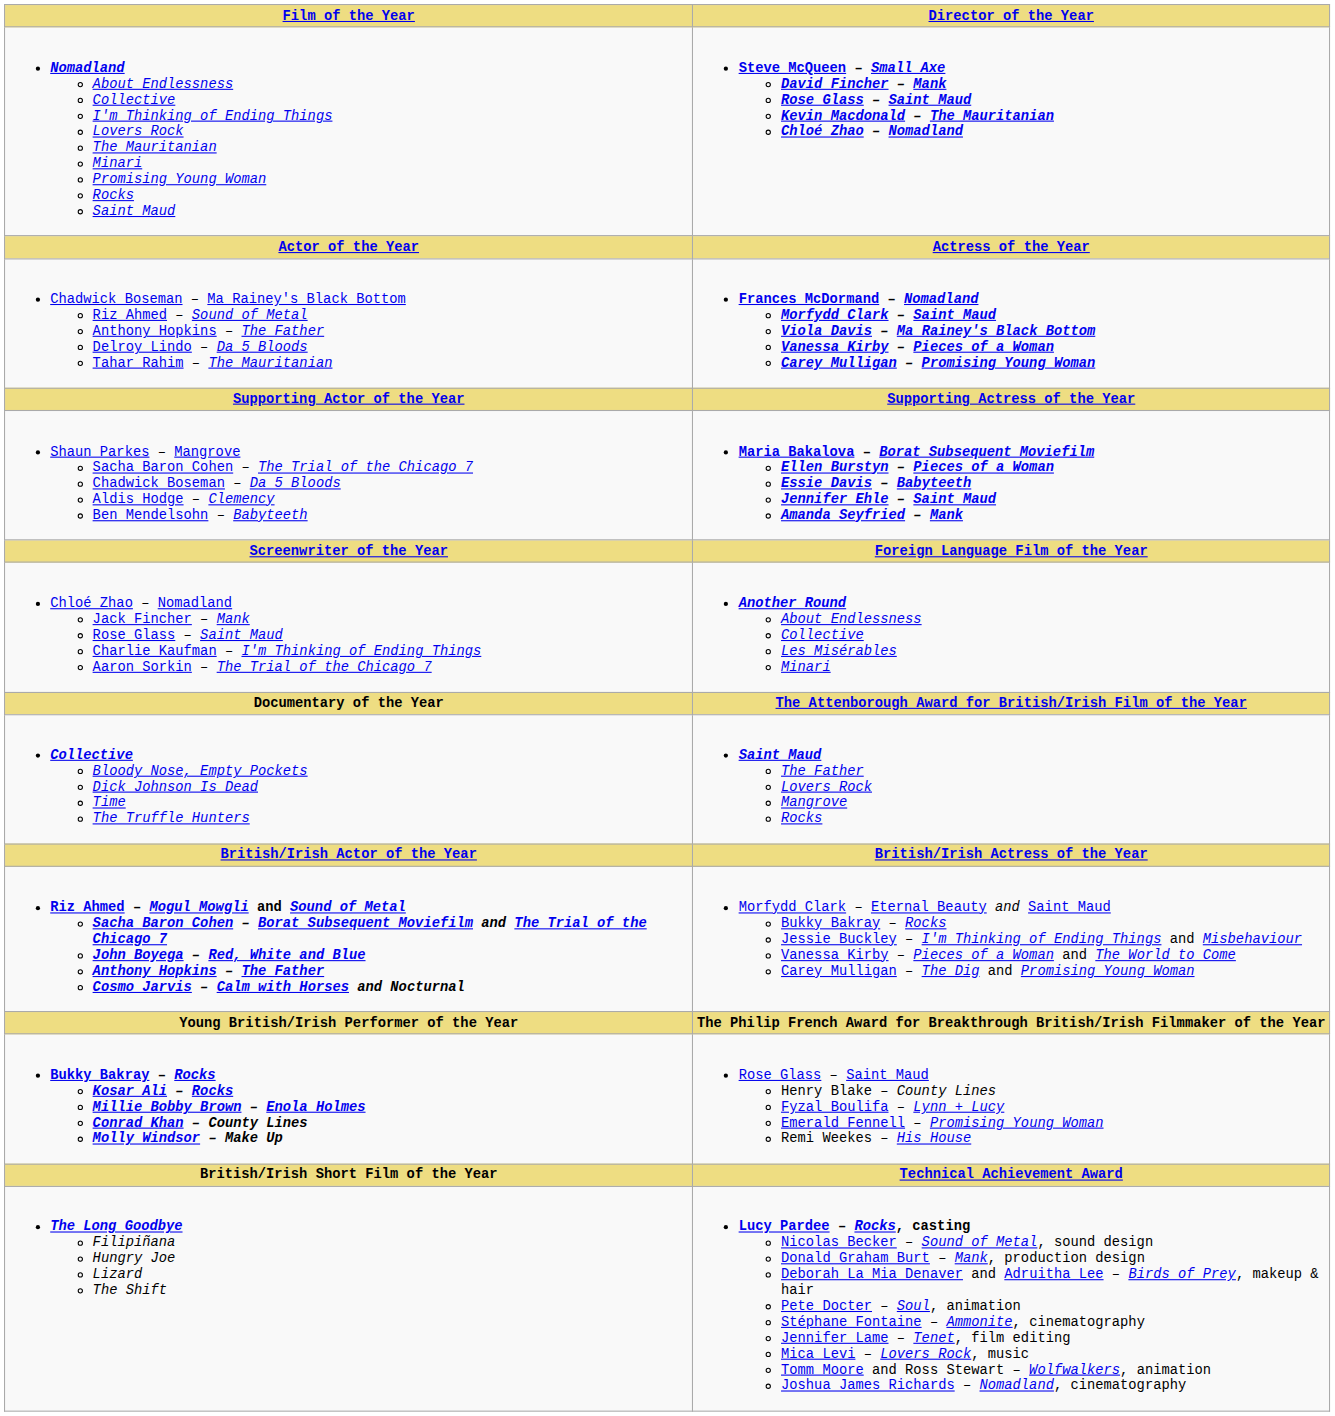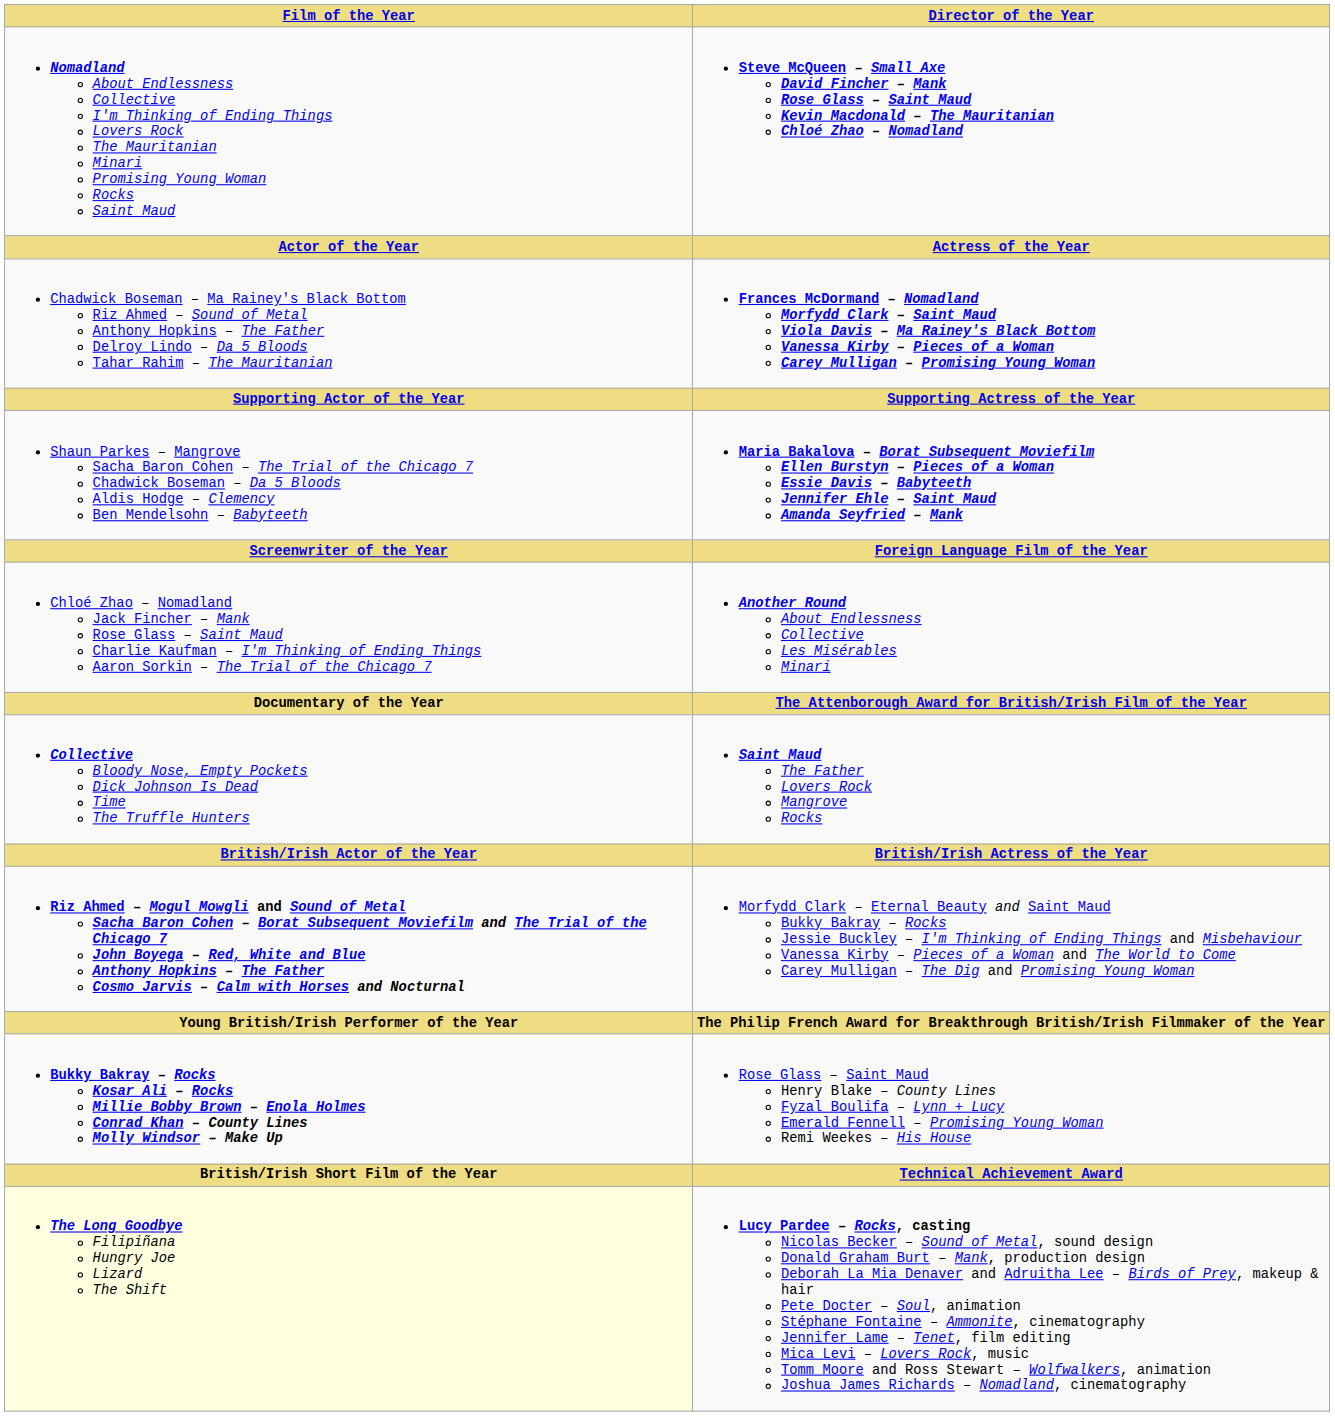 <table class="wikitable">
 <tr>
 <th style="background:#EEDD82;"><a href='#'>Film of the Year</a></th>
 <th style="background:#EEDD82;"><a href='#'>Director of the Year</a></th>
 </tr>
 <tr>
 <td valign="top"><br><ul><li><strong><em><a href='#'>Nomadland</a></em></strong><ul><li><em><a href='#'>About Endlessness</a></em></li><li><em><a href='#'>Collective</a></em></li><li><em><a href='#'>I'm Thinking of Ending Things</a></em></li><li><em><a href='#'>Lovers Rock</a></em></li><li><em><a href='#'>The Mauritanian</a></em></li><li><em><a href='#'>Minari</a></em></li><li><em><a href='#'>Promising Young Woman</a></em></li><li><em><a href='#'>Rocks</a></em></li><li><em><a href='#'>Saint Maud</a></em></li></ul></li></ul></td>
 <td valign="top"><br><ul><li><strong><a href='#'>Steve McQueen</a> – <em><a href='#'>Small Axe</a><strong><em><ul><li><a href='#'>David Fincher</a> – </em><a href='#'>Mank</a><em></li><li><a href='#'>Rose Glass</a> – </em><a href='#'>Saint Maud</a><em></li><li><a href='#'>Kevin Macdonald</a> – </em><a href='#'>The Mauritanian</a><em></li><li><a href='#'>Chloé Zhao</a> – </em><a href='#'>Nomadland</a><em></li></ul></li></ul></td>
 </tr>
 <tr>
 <th style="background:#EEDD82;"><a href='#'>Actor of the Year</a></th>
 <th style="background:#EEDD82;"><a href='#'>Actress of the Year</a></th>
 </tr>
 <tr>
 <td valign="top"><br><ul><li></strong><a href='#'>Chadwick Boseman</a> – </em><a href='#'>Ma Rainey's Black Bottom</a></em></strong><ul><li><a href='#'>Riz Ahmed</a> – <em><a href='#'>Sound of Metal</a></em></li><li><a href='#'>Anthony Hopkins</a> – <em><a href='#'>The Father</a></em></li><li><a href='#'>Delroy Lindo</a> – <em><a href='#'>Da 5 Bloods</a></em></li><li><a href='#'>Tahar Rahim</a> – <em><a href='#'>The Mauritanian</a></em></li></ul></li></ul></td>
 <td valign="top"><br><ul><li><strong><a href='#'>Frances McDormand</a> – <em><a href='#'>Nomadland</a><strong><em><ul><li><a href='#'>Morfydd Clark</a> – </em><a href='#'>Saint Maud</a><em></li><li><a href='#'>Viola Davis</a> – </em><a href='#'>Ma Rainey's Black Bottom</a><em></li><li><a href='#'>Vanessa Kirby</a> – </em><a href='#'>Pieces of a Woman</a><em></li><li><a href='#'>Carey Mulligan</a> – </em><a href='#'>Promising Young Woman</a><em></li></ul></li></ul></td>
 </tr>
 <tr>
 <th style="background:#EEDD82;"><a href='#'>Supporting Actor of the Year</a></th>
 <th style="background:#EEDD82;"><a href='#'>Supporting Actress of the Year</a></th>
 </tr>
 <tr>
 <td valign="top"><br><ul><li></strong><a href='#'>Shaun Parkes</a> – </em><a href='#'>Mangrove</a></em></strong><ul><li><a href='#'>Sacha Baron Cohen</a> – <em><a href='#'>The Trial of the Chicago 7</a></em></li><li><a href='#'>Chadwick Boseman</a> – <em><a href='#'>Da 5 Bloods</a></em></li><li><a href='#'>Aldis Hodge</a> – <em><a href='#'>Clemency</a></em></li><li><a href='#'>Ben Mendelsohn</a> – <em><a href='#'>Babyteeth</a></em></li></ul></li></ul></td>
 <td valign="top"><br><ul><li><strong><a href='#'>Maria Bakalova</a> – <em><a href='#'>Borat Subsequent Moviefilm</a><strong><em><ul><li><a href='#'>Ellen Burstyn</a> – </em><a href='#'>Pieces of a Woman</a><em></li><li><a href='#'>Essie Davis</a> – </em><a href='#'>Babyteeth</a><em></li><li><a href='#'>Jennifer Ehle</a> – </em><a href='#'>Saint Maud</a><em></li><li><a href='#'>Amanda Seyfried</a> – </em><a href='#'>Mank</a><em></li></ul></li></ul></td>
 </tr>
 <tr>
 <th style="background:#EEDD82;"><a href='#'>Screenwriter of the Year</a></th>
 <th style="background:#EEDD82;"><a href='#'>Foreign Language Film of the Year</a></th>
 </tr>
 <tr>
 <td valign="top"><br><ul><li></strong><a href='#'>Chloé Zhao</a> – </em><a href='#'>Nomadland</a></em></strong><ul><li><a href='#'>Jack Fincher</a> – <em><a href='#'>Mank</a></em></li><li><a href='#'>Rose Glass</a> – <em><a href='#'>Saint Maud</a></em></li><li><a href='#'>Charlie Kaufman</a> – <em><a href='#'>I'm Thinking of Ending Things</a></em></li><li><a href='#'>Aaron Sorkin</a> – <em><a href='#'>The Trial of the Chicago 7</a></em></li></ul></li></ul></td>
 <td valign="top"><br><ul><li><strong><em><a href='#'>Another Round</a></em></strong><ul><li><em><a href='#'>About Endlessness</a></em></li><li><em><a href='#'>Collective</a></em></li><li><em><a href='#'>Les Misérables</a></em></li><li><em><a href='#'>Minari</a></em></li></ul></li></ul></td>
 </tr>
 <tr>
 <th style="background:#EEDD82;">Documentary of the Year</th>
 <th style="background:#EEDD82;"><a href='#'>The Attenborough Award for British/Irish Film of the Year</a></th>
 </tr>
 <tr>
 <td valign="top"><br><ul><li><strong><em><a href='#'>Collective</a></em></strong><ul><li><em><a href='#'>Bloody Nose, Empty Pockets</a></em></li><li><em><a href='#'>Dick Johnson Is Dead</a></em></li><li><em><a href='#'>Time</a></em></li><li><em><a href='#'>The Truffle Hunters</a></em></li></ul></li></ul></td>
 <td valign="top"><br><ul><li><strong><em><a href='#'>Saint Maud</a></em></strong><ul><li><em><a href='#'>The Father</a></em></li><li><em><a href='#'>Lovers Rock</a></em></li><li><em><a href='#'>Mangrove</a></em></li><li><em><a href='#'>Rocks</a></em></li></ul></li></ul></td>
 </tr>
 <tr>
 <th style="background:#EEDD82;"><a href='#'>British/Irish Actor of the Year</a></th>
 <th style="background:#EEDD82;"><a href='#'>British/Irish Actress of the Year</a></th>
 </tr>
 <tr>
 <td valign="top"><br><ul><li><strong><a href='#'>Riz Ahmed</a> – <em><a href='#'>Mogul Mowgli</a></em> and <em><a href='#'>Sound of Metal</a><strong><em><ul><li><a href='#'>Sacha Baron Cohen</a> – </em><a href='#'>Borat Subsequent Moviefilm</a><em> and </em><a href='#'>The Trial of the Chicago 7</a><em></li><li><a href='#'>John Boyega</a> – </em><a href='#'>Red, White and Blue</a><em></li><li><a href='#'>Anthony Hopkins</a> – </em><a href='#'>The Father</a><em></li><li><a href='#'>Cosmo Jarvis</a> – </em><a href='#'>Calm with Horses</a><em> and </em>Nocturnal<em></li></ul></li></ul></td>
 <td valign="top"><br><ul><li></strong><a href='#'>Morfydd Clark</a> – </em><a href='#'>Eternal Beauty</a><em> and </em><a href='#'>Saint Maud</a></em></strong><ul><li><a href='#'>Bukky Bakray</a> – <em><a href='#'>Rocks</a></em></li><li><a href='#'>Jessie Buckley</a> – <em><a href='#'>I'm Thinking of Ending Things</a></em> and <em><a href='#'>Misbehaviour</a></em></li><li><a href='#'>Vanessa Kirby</a> – <em><a href='#'>Pieces of a Woman</a></em> and <em><a href='#'>The World to Come</a></em></li><li><a href='#'>Carey Mulligan</a> – <em><a href='#'>The Dig</a></em> and <em><a href='#'>Promising Young Woman</a></em></li></ul></li></ul></td>
 </tr>
 <tr>
 <th style="background:#EEDD82;">Young British/Irish Performer of the Year</th>
 <th style="background:#EEDD82;">The Philip French Award for Breakthrough British/Irish Filmmaker of the Year</th>
 </tr>
 <tr>
 <td valign="top"><br><ul><li><strong><a href='#'>Bukky Bakray</a> – <em><a href='#'>Rocks</a><strong><em><ul><li><a href='#'>Kosar Ali</a> – </em><a href='#'>Rocks</a><em></li><li><a href='#'>Millie Bobby Brown</a> – </em><a href='#'>Enola Holmes</a><em></li><li><a href='#'>Conrad Khan</a> – </em>County Lines<em></li><li><a href='#'>Molly Windsor</a> – </em>Make Up<em></li></ul></li></ul></td>
 <td valign="top"><br><ul><li></strong><a href='#'>Rose Glass</a> – </em><a href='#'>Saint Maud</a></em></strong><ul><li>Henry Blake – <em>County Lines</em></li><li><a href='#'>Fyzal Boulifa</a> – <em><a href='#'>Lynn + Lucy</a></em></li><li><a href='#'>Emerald Fennell</a> – <em><a href='#'>Promising Young Woman</a></em></li><li>Remi Weekes – <em><a href='#'>His House</a></em></li></ul></li></ul></td>
 </tr>
 <tr>
 <th style="background:#EEDD82;">British/Irish Short Film of the Year</th>
 <th style="background:#EEDD82;"><a href='#'>Technical Achievement Award</a></th>
 </tr>
 <tr>
-<td valign="top"><br><ul><li><strong><em><a href='#'>The Long Goodbye</a></em></strong><ul><li><em>Filipiñana</em></li><li><em>Hungry Joe</em></li><li><em>Lizard</em></li><li><em>The Shift</em></li></ul></li></ul></td>
+<td valign="top" style="background: lightyellow;"><br><ul><li><strong><em><a href='#'>The Long Goodbye</a></em></strong><ul><li><em>Filipiñana</em></li><li><em>Hungry Joe</em></li><li><em>Lizard</em></li><li><em>The Shift</em></li></ul></li></ul></td>
 <td valign="top"><br><ul><li><strong><a href='#'>Lucy Pardee</a> – <em><a href='#'>Rocks</a></em>, casting</strong><ul><li><a href='#'>Nicolas Becker</a> – <em><a href='#'>Sound of Metal</a></em>, sound design</li><li><a href='#'>Donald Graham Burt</a> – <em><a href='#'>Mank</a></em>, production design</li><li><a href='#'>Deborah La Mia Denaver</a> and <a href='#'>Adruitha Lee</a> – <em><a href='#'>Birds of Prey</a></em>, makeup & hair</li><li><a href='#'>Pete Docter</a> – <em><a href='#'>Soul</a></em>, animation</li><li><a href='#'>Stéphane Fontaine</a> – <em><a href='#'>Ammonite</a></em>, cinematography</li><li><a href='#'>Jennifer Lame</a> – <em><a href='#'>Tenet</a></em>, film editing</li><li><a href='#'>Mica Levi</a> – <em><a href='#'>Lovers Rock</a></em>, music</li><li><a href='#'>Tomm Moore</a> and Ross Stewart – <em><a href='#'>Wolfwalkers</a></em>, animation</li><li><a href='#'>Joshua James Richards</a> – <em><a href='#'>Nomadland</a></em>, cinematography</li></ul></li></ul></td>
 </tr>
 </table>
